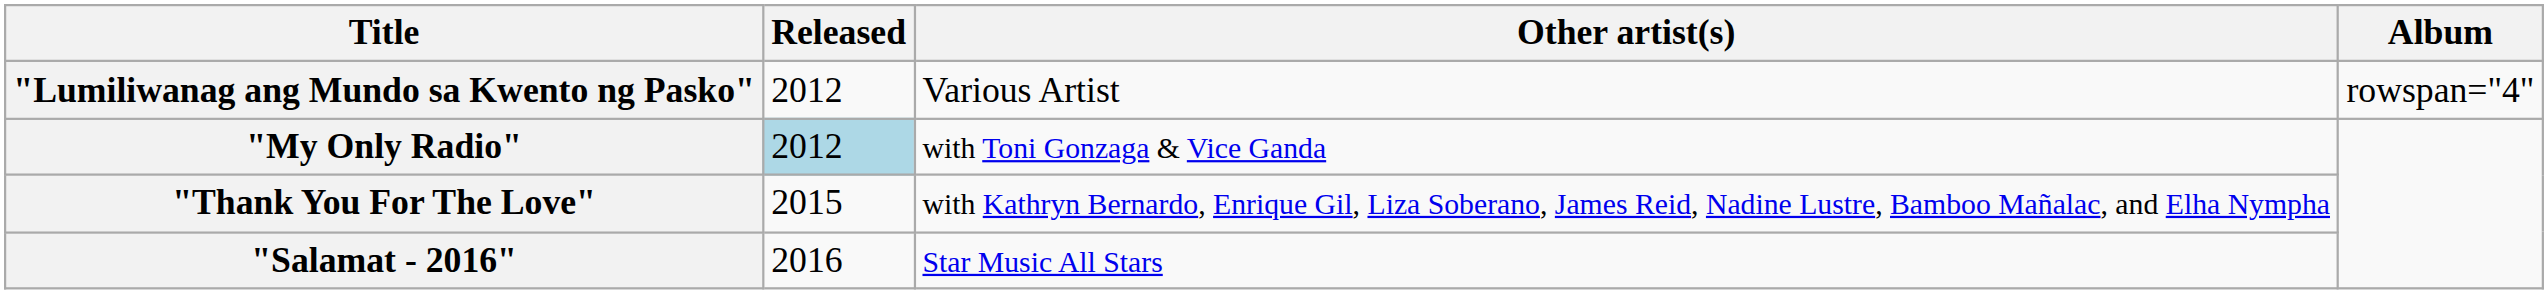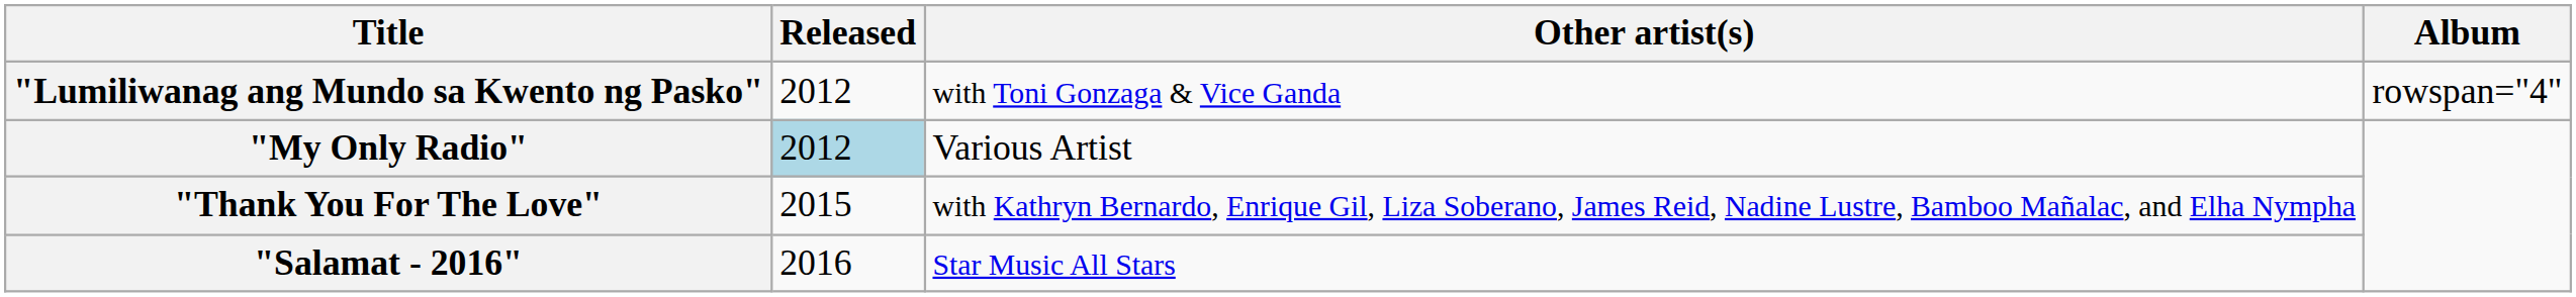 <table class="wikitable plainrowheaders">
 <tr>
 <th>Title</th>
 <th>Released</th>
 <th>Other artist(s)</th>
 <th>Album</th>
 </tr>
 <tr>
 <th scope="row">"Lumiliwanag ang Mundo sa Kwento ng Pasko"</th>
 <td>2012</td>
-<td>Various Artist</td>
+<td><small>with <a href='#'>Toni Gonzaga</a> & <a href='#'>Vice Ganda</a></small></td>
 <td>rowspan="4" </td>
 </tr>
 <tr>
 <th scope="row">"My Only Radio"</th>
 <td style="background: lightblue;">2012</td>
-<td><small>with <a href='#'>Toni Gonzaga</a> & <a href='#'>Vice Ganda</a></small></td>
+<td>Various Artist</td>
 </tr>
 <tr>
 <th scope="row">"Thank You For The Love"</th>
 <td>2015</td>
 <td><small>with <a href='#'>Kathryn Bernardo</a>, <a href='#'>Enrique Gil</a>, <a href='#'>Liza Soberano</a>, <a href='#'>James Reid</a>, <a href='#'>Nadine Lustre</a>, <a href='#'>Bamboo Mañalac</a>, and <a href='#'>Elha Nympha</a></small></td>
 </tr>
 <tr>
 <th scope="row">"Salamat - 2016"</th>
 <td>2016</td>
 <td><small><a href='#'>Star Music All Stars</a></small></td>
 </tr>
 </table>
